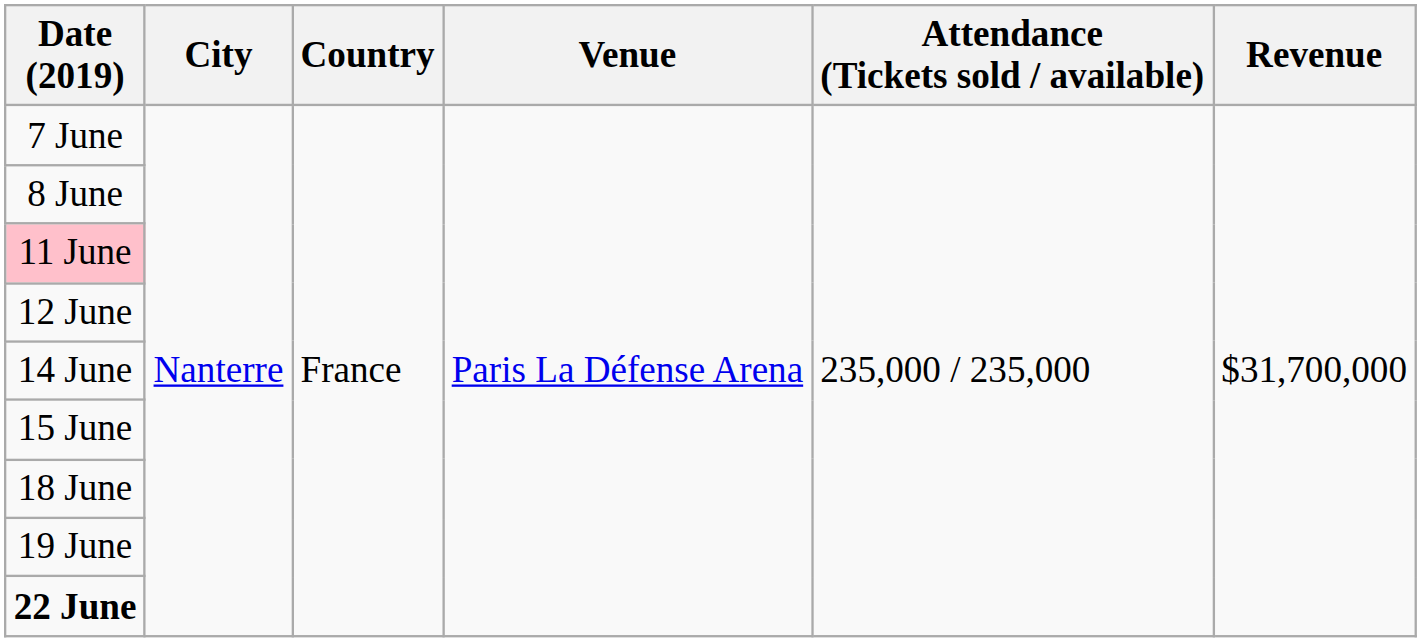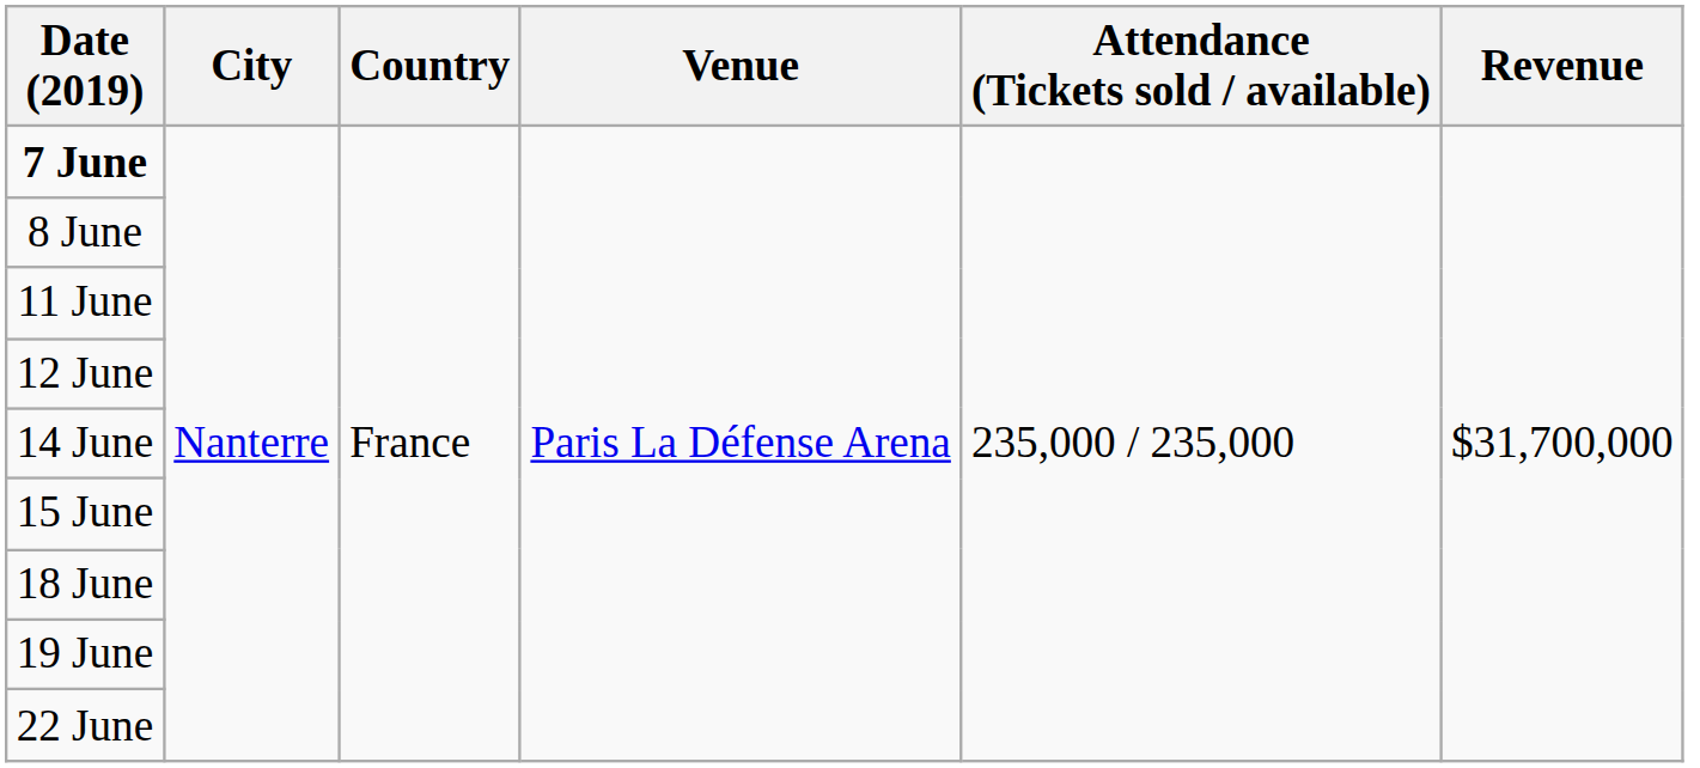 <table class="wikitable">
 <tr>
 <th><strong>Date</strong><br><strong>(2019)</strong></th>
 <th><strong>City</strong></th>
 <th><strong>Country</strong></th>
 <th><strong>Venue</strong></th>
 <th><strong>Attendance</strong><br><strong>(Tickets sold / available)</strong></th>
 <th><strong>Revenue</strong></th>
 </tr>
 <tr>
-<td scope="row" style="text-align:center;">7 June</td>
+<td scope="row" style="text-align:center;"><strong>7 June</strong></td>
 <td rowspan="9"><a href='#'>Nanterre</a></td>
 <td rowspan="9">France</td>
 <td rowspan="9"><a href='#'>Paris La Défense Arena</a></td>
 <td rowspan="9">235,000 / 235,000</td>
 <td rowspan="9">$31,700,000</td>
 </tr>
 <tr>
 <td scope="row" style="text-align:center;">8 June</td>
 </tr>
 <tr>
-<td scope="row" style="background: pink; text-align:center;">11 June</td>
+<td scope="row" style="text-align:center;">11 June</td>
 </tr>
 <tr>
 <td scope="row" style="text-align:center;">12 June</td>
 </tr>
 <tr>
 <td scope="row" style="text-align:center;">14 June</td>
 </tr>
 <tr>
 <td scope="row" style="text-align:center;">15 June</td>
 </tr>
 <tr>
 <td scope="row" style="text-align:center;">18 June</td>
 </tr>
 <tr>
 <td scope="row" style="text-align:center;">19 June</td>
 </tr>
 <tr>
-<td scope="row" style="text-align:center;"><strong>22 June</strong></td>
+<td scope="row" style="text-align:center;">22 June</td>
 </tr>
 </table>
